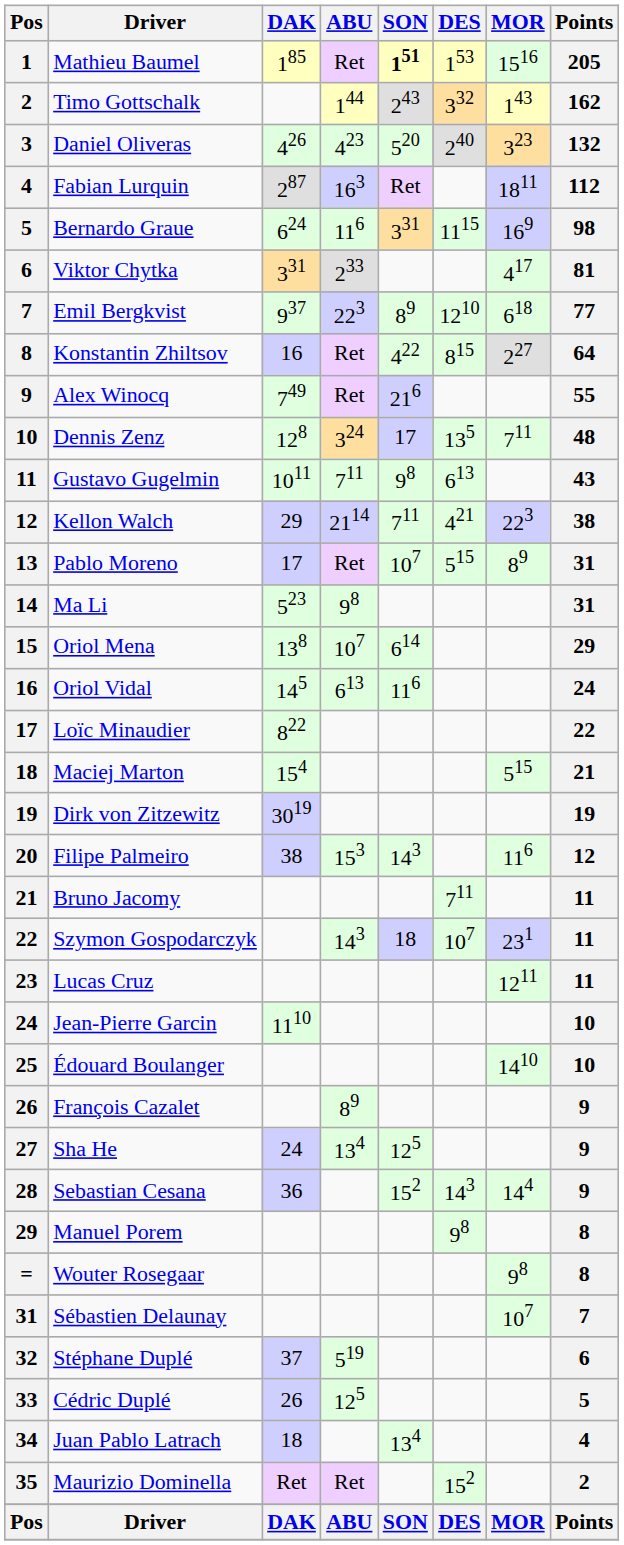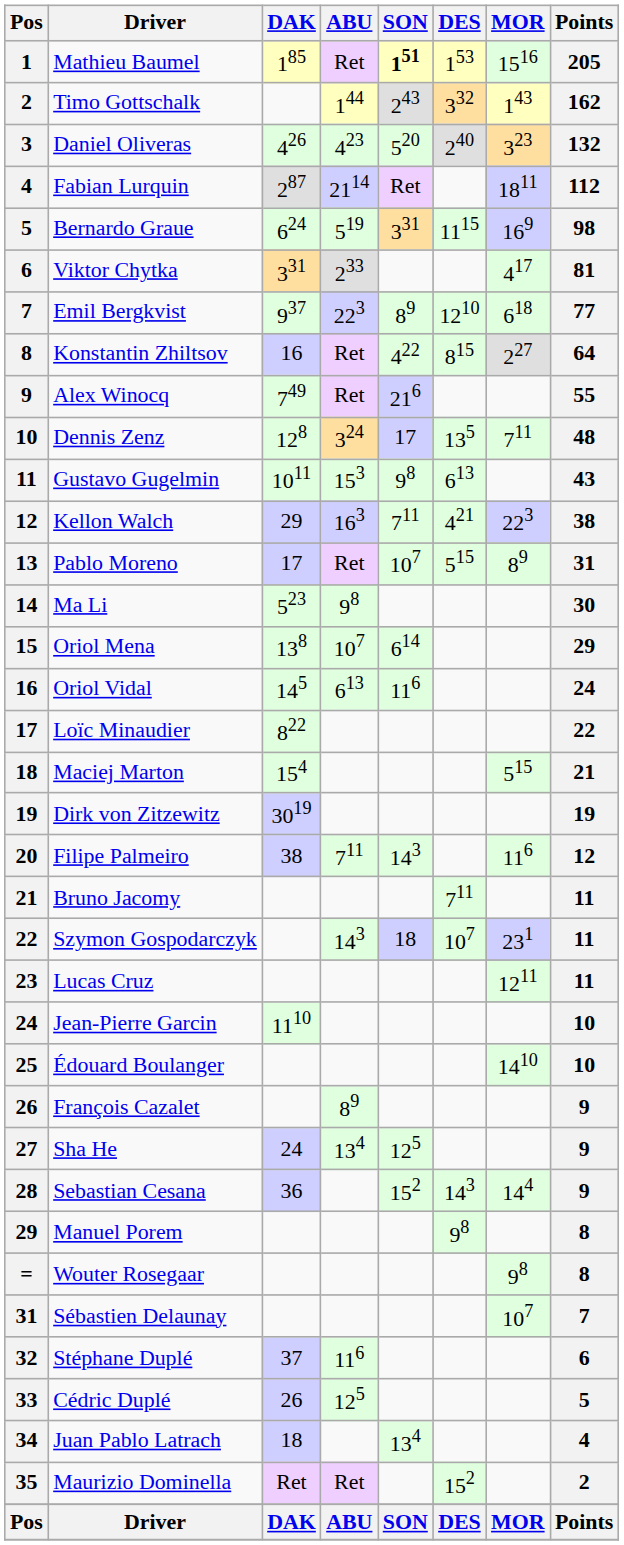 <table class="wikitable" style="font-size: 85%; text-align: center; display: inline-table;">
 <tr valign="top">
 <th valign="middle">Pos</th>
 <th valign="middle">Driver</th>
 <th><a href='#'>DAK</a><br></th>
 <th><a href='#'>ABU</a><br></th>
 <th><a href='#'>SON</a><br></th>
 <th><a href='#'>DES</a><br></th>
 <th><a href='#'>MOR</a><br></th>
 <th valign="middle">Points</th>
 </tr>
 <tr>
 <th>1</th>
 <td align=left> <a href='#'>Mathieu Baumel</a></td>
 <td style="background:#ffffbf;">1<sup>85</sup></td>
 <td style="background:#efcfff;">Ret</td>
 <td style="background:#ffffbf;"><strong>1<sup>51</sup></strong></td>
 <td style="background:#ffffbf;">1<sup>53</sup></td>
 <td style="background:#dfffdf;">15<sup>16</sup></td>
 <th>205</th>
 </tr>
 <tr>
 <th>2</th>
 <td align=left> <a href='#'>Timo Gottschalk</a></td>
 <td></td>
 <td style="background:#ffffbf;">1<sup>44</sup></td>
 <td style="background:#dfdfdf;">2<sup>43</sup></td>
 <td style="background:#ffdf9f;">3<sup>32</sup></td>
 <td style="background:#ffffbf;">1<sup>43</sup></td>
 <th>162</th>
 </tr>
 <tr>
 <th>3</th>
 <td align=left> <a href='#'>Daniel Oliveras</a></td>
 <td style="background:#dfffdf;">4<sup>26</sup></td>
 <td style="background:#dfffdf;">4<sup>23</sup></td>
 <td style="background:#dfffdf;">5<sup>20</sup></td>
 <td style="background:#dfdfdf;">2<sup>40</sup></td>
 <td style="background:#ffdf9f;">3<sup>23</sup></td>
 <th>132</th>
 </tr>
 <tr>
 <th>4</th>
 <td align=left> <a href='#'>Fabian Lurquin</a></td>
 <td style="background:#dfdfdf;">2<sup>87</sup></td>
-<td style="background:#cfcfff;">16<sup>3</sup></td>
+<td style="background:#cfcfff;">21<sup>14</sup></td>
 <td style="background:#efcfff;">Ret</td>
 <td></td>
 <td style="background:#cfcfff;">18<sup>11</sup></td>
 <th>112</th>
 </tr>
 <tr>
 <th>5</th>
 <td align=left> <a href='#'>Bernardo Graue</a></td>
 <td style="background:#dfffdf;">6<sup>24</sup></td>
-<td style="background:#dfffdf;">11<sup>6</sup></td>
+<td style="background:#dfffdf;">5<sup>19</sup></td>
 <td style="background:#ffdf9f;">3<sup>31</sup></td>
 <td style="background:#dfffdf;">11<sup>15</sup></td>
 <td style="background:#cfcfff;">16<sup>9</sup></td>
 <th>98</th>
 </tr>
 <tr>
 <th>6</th>
 <td align=left> <a href='#'>Viktor Chytka</a></td>
 <td style="background:#ffdf9f;">3<sup>31</sup></td>
 <td style="background:#dfdfdf;">2<sup>33</sup></td>
 <td></td>
 <td></td>
 <td style="background:#dfffdf;">4<sup>17</sup></td>
 <th>81</th>
 </tr>
 <tr>
 <th>7</th>
 <td align=left> <a href='#'>Emil Bergkvist</a></td>
 <td style="background:#dfffdf;">9<sup>37</sup></td>
 <td style="background:#cfcfff;">22<sup>3</sup></td>
 <td style="background:#dfffdf;">8<sup>9</sup></td>
 <td style="background:#dfffdf;">12<sup>10</sup></td>
 <td style="background:#dfffdf;">6<sup>18</sup></td>
 <th>77</th>
 </tr>
 <tr>
 <th>8</th>
 <td align=left> <a href='#'>Konstantin Zhiltsov</a></td>
 <td style="background:#cfcfff;">16</td>
 <td style="background:#efcfff;">Ret</td>
 <td style="background:#dfffdf;">4<sup>22</sup></td>
 <td style="background:#dfffdf;">8<sup>15</sup></td>
 <td style="background:#dfdfdf;">2<sup>27</sup></td>
 <th>64</th>
 </tr>
 <tr>
 <th>9</th>
 <td align=left> <a href='#'>Alex Winocq</a></td>
 <td style="background:#dfffdf;">7<sup>49</sup></td>
 <td style="background:#efcfff;">Ret</td>
 <td style="background:#cfcfff;">21<sup>6</sup></td>
 <td></td>
 <td></td>
 <th>55</th>
 </tr>
 <tr>
 <th>10</th>
 <td align=left> <a href='#'>Dennis Zenz</a></td>
 <td style="background:#dfffdf;">12<sup>8</sup></td>
 <td style="background:#ffdf9f;">3<sup>24</sup></td>
 <td style="background:#cfcfff;">17</td>
 <td style="background:#dfffdf;">13<sup>5</sup></td>
 <td style="background:#dfffdf;">7<sup>11</sup></td>
 <th>48</th>
 </tr>
 <tr>
 <th>11</th>
 <td align=left> <a href='#'>Gustavo Gugelmin</a></td>
 <td style="background:#dfffdf;">10<sup>11</sup></td>
-<td style="background:#dfffdf;">7<sup>11</sup></td>
+<td style="background:#dfffdf;">15<sup>3</sup></td>
 <td style="background:#dfffdf;">9<sup>8</sup></td>
 <td style="background:#dfffdf;">6<sup>13</sup></td>
 <td></td>
 <th>43</th>
 </tr>
 <tr>
 <th>12</th>
 <td align=left> <a href='#'>Kellon Walch</a></td>
 <td style="background:#cfcfff;">29</td>
-<td style="background:#cfcfff;">21<sup>14</sup></td>
+<td style="background:#cfcfff;">16<sup>3</sup></td>
 <td style="background:#dfffdf;">7<sup>11</sup></td>
 <td style="background:#dfffdf;">4<sup>21</sup></td>
 <td style="background:#cfcfff;">22<sup>3</sup></td>
 <th>38</th>
 </tr>
 <tr>
 <th>13</th>
 <td align=left> <a href='#'>Pablo Moreno</a></td>
 <td style="background:#cfcfff;">17</td>
 <td style="background:#efcfff;">Ret</td>
 <td style="background:#dfffdf;">10<sup>7</sup></td>
 <td style="background:#dfffdf;">5<sup>15</sup></td>
 <td style="background:#dfffdf;">8<sup>9</sup></td>
 <th>31</th>
 </tr>
 <tr>
 <th>14</th>
 <td align=left> <a href='#'>Ma Li</a></td>
 <td style="background:#dfffdf;">5<sup>23</sup></td>
 <td style="background:#dfffdf;">9<sup>8</sup></td>
 <td></td>
 <td></td>
 <td></td>
-<th>31</th>
+<th>30</th>
 </tr>
 <tr>
 <th>15</th>
 <td align=left> <a href='#'>Oriol Mena</a></td>
 <td style="background:#dfffdf;">13<sup>8</sup></td>
 <td style="background:#dfffdf;">10<sup>7</sup></td>
 <td style="background:#dfffdf;">6<sup>14</sup></td>
 <td></td>
 <td></td>
 <th>29</th>
 </tr>
 <tr>
 <th>16</th>
 <td align=left> <a href='#'>Oriol Vidal</a></td>
 <td style="background:#dfffdf;">14<sup>5</sup></td>
 <td style="background:#dfffdf;">6<sup>13</sup></td>
 <td style="background:#dfffdf;">11<sup>6</sup></td>
 <td></td>
 <td></td>
 <th>24</th>
 </tr>
 <tr>
 <th>17</th>
 <td align=left> <a href='#'>Loïc Minaudier</a></td>
 <td style="background:#dfffdf;">8<sup>22</sup></td>
 <td></td>
 <td></td>
 <td></td>
 <td></td>
 <th>22</th>
 </tr>
 <tr>
 <th>18</th>
 <td align=left> <a href='#'>Maciej Marton</a></td>
 <td style="background:#dfffdf;">15<sup>4</sup></td>
 <td></td>
 <td></td>
 <td></td>
 <td style="background:#dfffdf;">5<sup>15</sup></td>
 <th>21</th>
 </tr>
 <tr>
 <th>19</th>
 <td align=left> <a href='#'>Dirk von Zitzewitz</a></td>
 <td style="background:#cfcfff;">30<sup>19</sup></td>
 <td></td>
 <td></td>
 <td></td>
 <td></td>
 <th>19</th>
 </tr>
 <tr>
 <th>20</th>
 <td align=left> <a href='#'>Filipe Palmeiro</a></td>
 <td style="background:#cfcfff;">38</td>
-<td style="background:#dfffdf;">15<sup>3</sup></td>
+<td style="background:#dfffdf;">7<sup>11</sup></td>
 <td style="background:#dfffdf;">14<sup>3</sup></td>
 <td></td>
 <td style="background:#dfffdf;">11<sup>6</sup></td>
 <th>12</th>
 </tr>
 <tr>
 <th>21</th>
 <td align=left> <a href='#'>Bruno Jacomy</a></td>
 <td></td>
 <td></td>
 <td></td>
 <td style="background:#dfffdf;">7<sup>11</sup></td>
 <td></td>
 <th>11</th>
 </tr>
 <tr>
 <th>22</th>
 <td align=left> <a href='#'>Szymon Gospodarczyk</a></td>
 <td></td>
 <td style="background:#dfffdf;">14<sup>3</sup></td>
 <td style="background:#cfcfff;">18</td>
 <td style="background:#dfffdf;">10<sup>7</sup></td>
 <td style="background:#cfcfff;">23<sup>1</sup></td>
 <th>11</th>
 </tr>
 <tr>
 <th>23</th>
 <td align=left> <a href='#'>Lucas Cruz</a></td>
 <td></td>
 <td></td>
 <td></td>
 <td></td>
 <td style="background:#dfffdf;">12<sup>11</sup></td>
 <th>11</th>
 </tr>
 <tr>
 <th>24</th>
 <td align=left> <a href='#'>Jean-Pierre Garcin</a></td>
 <td style="background:#dfffdf;">11<sup>10</sup></td>
 <td></td>
 <td></td>
 <td></td>
 <td></td>
 <th>10</th>
 </tr>
 <tr>
 <th>25</th>
 <td align=left> <a href='#'>Édouard Boulanger</a></td>
 <td></td>
 <td></td>
 <td></td>
 <td></td>
 <td style="background:#dfffdf;">14<sup>10</sup></td>
 <th>10</th>
 </tr>
 <tr>
 <th>26</th>
 <td align=left> <a href='#'>François Cazalet</a></td>
 <td></td>
 <td style="background:#dfffdf;">8<sup>9</sup></td>
 <td></td>
 <td></td>
 <td></td>
 <th>9</th>
 </tr>
 <tr>
 <th>27</th>
 <td align=left> <a href='#'>Sha He</a></td>
 <td style="background:#cfcfff;">24</td>
 <td style="background:#dfffdf;">13<sup>4</sup></td>
 <td style="background:#dfffdf;">12<sup>5</sup></td>
 <td></td>
 <td></td>
 <th>9</th>
 </tr>
 <tr>
 <th>28</th>
 <td align=left> <a href='#'>Sebastian Cesana</a></td>
 <td style="background:#cfcfff;">36</td>
 <td></td>
 <td style="background:#dfffdf;">15<sup>2</sup></td>
 <td style="background:#dfffdf;">14<sup>3</sup></td>
 <td style="background:#dfffdf;">14<sup>4</sup></td>
 <th>9</th>
 </tr>
 <tr>
 <th>29</th>
 <td align=left> <a href='#'>Manuel Porem</a></td>
 <td></td>
 <td></td>
 <td></td>
 <td style="background:#dfffdf;">9<sup>8</sup></td>
 <td></td>
 <th>8</th>
 </tr>
 <tr>
 <th>=</th>
 <td align=left> <a href='#'>Wouter Rosegaar</a></td>
 <td></td>
 <td></td>
 <td></td>
 <td></td>
 <td style="background:#dfffdf;">9<sup>8</sup></td>
 <th>8</th>
 </tr>
 <tr>
 <th>31</th>
 <td align=left> <a href='#'>Sébastien Delaunay</a></td>
 <td></td>
 <td></td>
 <td></td>
 <td></td>
 <td style="background:#dfffdf;">10<sup>7</sup></td>
 <th>7</th>
 </tr>
 <tr>
 <th>32</th>
 <td align=left> <a href='#'>Stéphane Duplé</a></td>
 <td style="background:#cfcfff;">37</td>
-<td style="background:#dfffdf;">5<sup>19</sup></td>
+<td style="background:#dfffdf;">11<sup>6</sup></td>
 <td></td>
 <td></td>
 <td></td>
 <th>6</th>
 </tr>
 <tr>
 <th>33</th>
 <td align=left> <a href='#'>Cédric Duplé</a></td>
 <td style="background:#cfcfff;">26</td>
 <td style="background:#dfffdf;">12<sup>5</sup></td>
 <td></td>
 <td></td>
 <td></td>
 <th>5</th>
 </tr>
 <tr>
 <th>34</th>
 <td align=left> <a href='#'>Juan Pablo Latrach</a></td>
 <td style="background:#cfcfff;">18</td>
 <td></td>
 <td style="background:#dfffdf;">13<sup>4</sup></td>
 <td></td>
 <td></td>
 <th>4</th>
 </tr>
 <tr>
 <th>35</th>
 <td align=left> <a href='#'>Maurizio Dominella</a></td>
 <td style="background:#efcfff;">Ret</td>
 <td style="background:#efcfff;">Ret</td>
 <td></td>
 <td style="background:#dfffdf;">15<sup>2</sup></td>
 <td></td>
 <th>2</th>
 </tr>
 <tr>
 </tr>
 <tr valign="top">
 <th valign="middle">Pos</th>
 <th valign="middle">Driver</th>
 <th><a href='#'>DAK</a><br></th>
 <th><a href='#'>ABU</a><br></th>
 <th><a href='#'>SON</a><br></th>
 <th><a href='#'>DES</a><br></th>
 <th><a href='#'>MOR</a><br></th>
 <th valign="middle">Points</th>
 </tr>
 <tr>
 </tr>
 </table>
